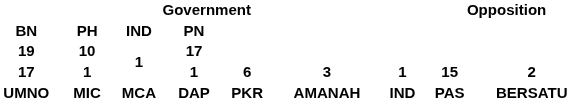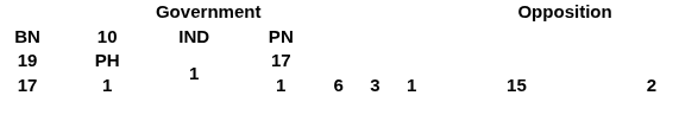 <table style="width:40em;">
 <tr style="text-align:center;">
 <td colspan="7" style="color:"><strong>Government</strong></td>
 <td colspan="2" style="color:"><strong>Opposition</strong></td>
 </tr>
 <tr style="text-align:center;">
 <td style="color:"><strong>BN</strong></td>
-<td style="color:"><strong>PH</strong></td>
+<td style="background:"><strong>10</strong></td>
 <td style="color:"><strong>IND</strong></td>
 <td style="color:"><strong>PN</strong></td>
 </tr>
 <tr style="text-align:center;">
 <td style="background:"><strong>19</strong></td>
-<td style="background:"><strong>10</strong></td>
+<td style="color:"><strong>PH</strong></td>
 <td rowspan="2" align="center" style="background:"><strong>1</strong></td>
 <td style="background:"><strong>17</strong></td>
 </tr>
 <tr style="text-align:center;">
 <td style="background:"><strong>17</strong></td>
 <td style="background:"><strong>1</strong></td>
 <td style="background:"><strong>1</strong></td>
 <td style="background:"><strong>6</strong></td>
 <td style="background:"><strong>3</strong></td>
 <td style="background:"><strong>1</strong></td>
 <td style="background:"><strong>15</strong></td>
 <td style="background:"><strong>2</strong></td>
 </tr>
-<tr style="text-align:center;">
-<td style="color:"><strong>UMNO</strong></td>
-<td style="color:"><strong>MIC</strong></td>
-<td style="color:"><strong>MCA</strong></td>
-<td style="color:"><strong>DAP</strong></td>
-<td style="color:"><strong>PKR</strong></td>
-<td style="color:"><strong>AMANAH</strong></td>
-<td style="color:"><strong>IND</strong></td>
-<td style="color:"><strong>PAS</strong></td>
-<td style="color:"><strong>BERSATU</strong></td>
-</tr>
 </table>
